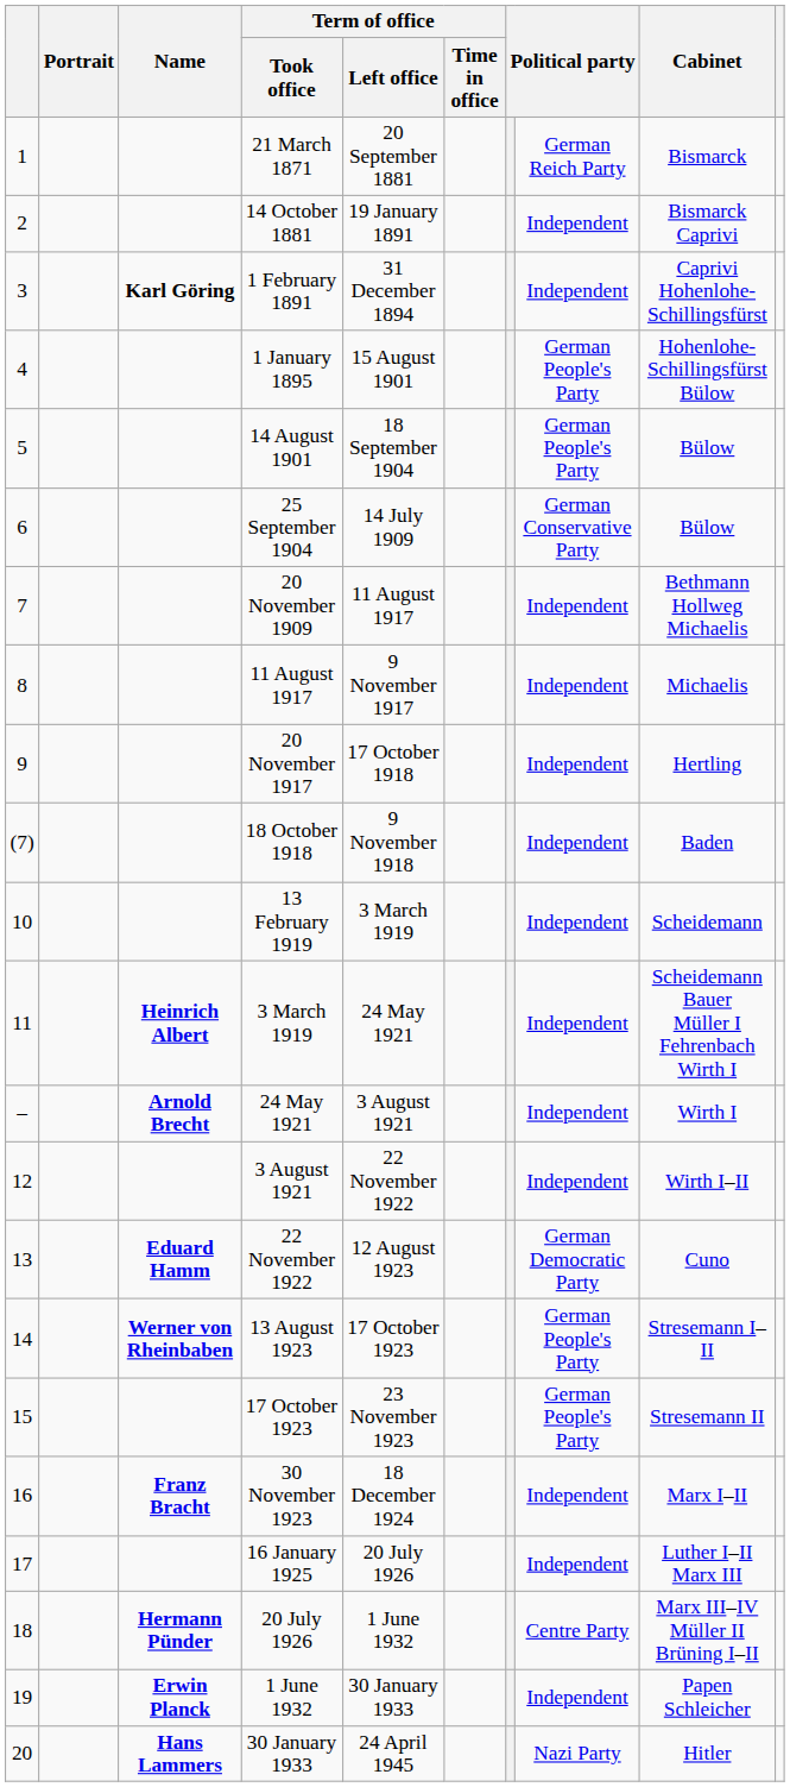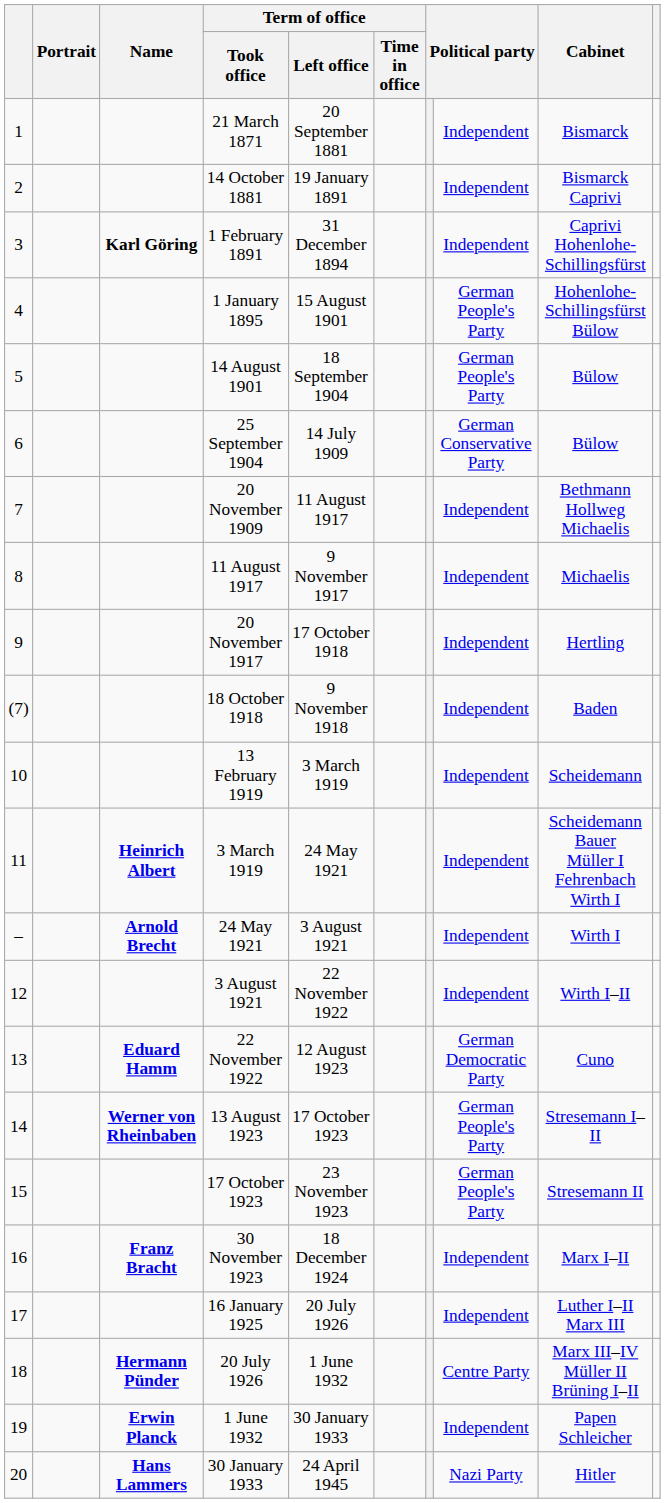 <table class="wikitable" style="text-align:center">
 <tr>
 <th rowspan=2></th>
 <th rowspan=2>Portrait</th>
 <th rowspan=2>Name<br></th>
 <th colspan=3>Term of office</th>
 <th colspan=2 rowspan=2>Political party</th>
 <th rowspan=2>Cabinet</th>
 <th rowspan=2></th>
 </tr>
 <tr>
 <th>Took office</th>
 <th>Left office</th>
 <th>Time in office</th>
 </tr>
 <tr>
 <td>1</td>
 <td></td>
 <td><strong></strong><br></td>
 <td>21 March 1871</td>
 <td>20 September 1881</td>
 <td></td>
 <th style="background:"></th>
-<td><a href='#'>German Reich Party</a></td>
+<td><a href='#'>Independent</a></td>
 <td><a href='#'>Bismarck</a></td>
 <td></td>
 </tr>
 <tr>
 <td>2</td>
 <td></td>
 <td><strong></strong><br></td>
 <td>14 October 1881</td>
 <td>19 January 1891</td>
 <td></td>
 <th style="background:"></th>
 <td><a href='#'>Independent</a></td>
 <td><a href='#'>Bismarck</a><br><a href='#'>Caprivi</a></td>
 <td></td>
 </tr>
 <tr>
 <td>3</td>
 <td></td>
 <td><strong>Karl Göring</strong><br></td>
 <td>1 February 1891</td>
 <td>31 December 1894</td>
 <td></td>
 <th style="background:"></th>
 <td><a href='#'>Independent</a></td>
 <td><a href='#'>Caprivi</a><br><a href='#'>Hohenlohe-Schillingsfürst</a></td>
 <td></td>
 </tr>
 <tr>
 <td>4</td>
 <td></td>
 <td><strong></strong><br></td>
 <td>1 January 1895</td>
 <td>15 August 1901</td>
 <td></td>
 <th style="background:"></th>
 <td><a href='#'>German People's Party</a></td>
 <td><a href='#'>Hohenlohe-Schillingsfürst</a><br><a href='#'>Bülow</a></td>
 <td></td>
 </tr>
 <tr>
 <td>5</td>
 <td></td>
 <td><strong></strong><br></td>
 <td>14 August 1901</td>
 <td>18 September 1904</td>
 <td></td>
 <th style="background:"></th>
 <td><a href='#'>German People's Party</a></td>
 <td><a href='#'>Bülow</a></td>
 <td></td>
 </tr>
 <tr>
 <td>6</td>
 <td></td>
 <td><strong></strong><br></td>
 <td>25 September 1904</td>
 <td>14 July 1909</td>
 <td></td>
 <th style="background:"></th>
 <td><a href='#'>German Conservative Party</a></td>
 <td><a href='#'>Bülow</a></td>
 <td></td>
 </tr>
 <tr>
 <td>7</td>
 <td></td>
 <td><strong></strong><br></td>
 <td>20 November 1909</td>
 <td>11 August 1917</td>
 <td></td>
 <th style="background:"></th>
 <td><a href='#'>Independent</a></td>
 <td><a href='#'>Bethmann Hollweg</a><br><a href='#'>Michaelis</a></td>
 <td></td>
 </tr>
 <tr>
 <td>8</td>
 <td></td>
 <td><strong></strong><br></td>
 <td>11 August 1917</td>
 <td>9 November 1917</td>
 <td></td>
 <th style="background:"></th>
 <td><a href='#'>Independent</a></td>
 <td><a href='#'>Michaelis</a></td>
 <td></td>
 </tr>
 <tr>
 <td>9</td>
 <td></td>
 <td><strong></strong><br></td>
 <td>20 November 1917</td>
 <td>17 October 1918</td>
 <td></td>
 <th style="background:"></th>
 <td><a href='#'>Independent</a></td>
 <td><a href='#'>Hertling</a></td>
 <td></td>
 </tr>
 <tr>
 <td>(7)</td>
 <td></td>
 <td><strong></strong><br></td>
 <td>18 October 1918</td>
 <td>9 November 1918</td>
 <td></td>
 <th style="background:"></th>
 <td><a href='#'>Independent</a></td>
 <td><a href='#'>Baden</a></td>
 <td></td>
 </tr>
 <tr>
 <td>10</td>
 <td></td>
 <td><strong></strong><br></td>
 <td>13 February 1919</td>
 <td>3 March 1919</td>
 <td></td>
 <th style="background:"></th>
 <td><a href='#'>Independent</a></td>
 <td><a href='#'>Scheidemann</a></td>
 <td></td>
 </tr>
 <tr>
 <td>11</td>
 <td></td>
 <td><strong><a href='#'>Heinrich Albert</a></strong><br></td>
 <td>3 March 1919</td>
 <td>24 May 1921</td>
 <td></td>
 <th style="background:"></th>
 <td><a href='#'>Independent</a></td>
 <td><a href='#'>Scheidemann</a><br><a href='#'>Bauer</a><br><a href='#'>Müller I</a><br><a href='#'>Fehrenbach</a><br><a href='#'>Wirth I</a></td>
 <td><br><br></td>
 </tr>
 <tr>
 <td>–</td>
 <td></td>
 <td><strong><a href='#'>Arnold Brecht</a></strong><br></td>
 <td>24 May 1921</td>
 <td>3 August 1921</td>
 <td></td>
 <th style="background:"></th>
 <td><a href='#'>Independent</a></td>
 <td><a href='#'>Wirth I</a></td>
 <td></td>
 </tr>
 <tr>
 <td>12</td>
 <td></td>
 <td><strong></strong><br></td>
 <td>3 August 1921</td>
 <td>22 November 1922</td>
 <td></td>
 <th style="background:"></th>
 <td><a href='#'>Independent</a></td>
 <td><a href='#'>Wirth I</a>–<a href='#'>II</a></td>
 <td></td>
 </tr>
 <tr>
 <td>13</td>
 <td></td>
 <td><strong><a href='#'>Eduard Hamm</a></strong><br></td>
 <td>22 November 1922</td>
 <td>12 August 1923</td>
 <td></td>
 <th style="background:"></th>
 <td><a href='#'>German Democratic Party</a></td>
 <td><a href='#'>Cuno</a></td>
 <td></td>
 </tr>
 <tr>
 <td>14</td>
 <td></td>
 <td><strong><a href='#'>Werner von Rheinbaben</a></strong><br></td>
 <td>13 August 1923</td>
 <td>17 October 1923</td>
 <td></td>
 <th style="background:"></th>
 <td><a href='#'>German People's Party</a></td>
 <td><a href='#'>Stresemann I</a>–<a href='#'>II</a></td>
 <td></td>
 </tr>
 <tr>
 <td>15</td>
 <td></td>
 <td><strong></strong><br></td>
 <td>17 October 1923</td>
 <td>23 November 1923</td>
 <td></td>
 <th style="background:"></th>
 <td><a href='#'>German People's Party</a></td>
 <td><a href='#'>Stresemann II</a></td>
 <td></td>
 </tr>
 <tr>
 <td>16</td>
 <td></td>
 <td><strong><a href='#'>Franz Bracht</a></strong><br></td>
 <td>30 November 1923</td>
 <td>18 December 1924</td>
 <td></td>
 <th style="background:"></th>
 <td><a href='#'>Independent</a></td>
 <td><a href='#'>Marx I</a>–<a href='#'>II</a></td>
 <td></td>
 </tr>
 <tr>
 <td>17</td>
 <td></td>
 <td><strong></strong><br></td>
 <td>16 January 1925</td>
 <td>20 July 1926</td>
 <td></td>
 <th style="background:"></th>
 <td><a href='#'>Independent</a></td>
 <td><a href='#'>Luther I</a>–<a href='#'>II</a><br><a href='#'>Marx III</a></td>
 <td></td>
 </tr>
 <tr>
 <td>18</td>
 <td></td>
 <td><strong><a href='#'>Hermann Pünder</a></strong><br></td>
 <td>20 July 1926</td>
 <td>1 June 1932</td>
 <td></td>
 <th style="background:"></th>
 <td><a href='#'>Centre Party</a></td>
 <td><a href='#'>Marx III</a>–<a href='#'>IV</a><br><a href='#'>Müller II</a><br><a href='#'>Brüning I</a>–<a href='#'>II</a></td>
 <td><br></td>
 </tr>
 <tr>
 <td>19</td>
 <td></td>
 <td><strong><a href='#'>Erwin Planck</a></strong><br></td>
 <td>1 June 1932</td>
 <td>30 January 1933</td>
 <td></td>
 <th style="background:"></th>
 <td><a href='#'>Independent</a></td>
 <td><a href='#'>Papen</a><br><a href='#'>Schleicher</a></td>
 <td></td>
 </tr>
 <tr>
 <td>20</td>
 <td></td>
 <td><strong><a href='#'>Hans Lammers</a></strong><br></td>
 <td>30 January 1933</td>
 <td>24 April 1945</td>
 <td></td>
 <th style="background:"></th>
 <td><a href='#'>Nazi Party</a></td>
 <td><a href='#'>Hitler</a></td>
 <td></td>
 </tr>
 </table>
